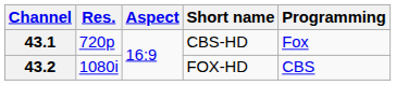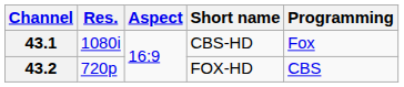 <table class="wikitable">
 <tr>
 <th scope = "col"><a href='#'>Channel</a></th>
 <th scope = "col"><a href='#'>Res.</a></th>
 <th scope = "col"><a href='#'>Aspect</a></th>
 <th scope = "col">Short name</th>
 <th scope = "col">Programming</th>
 </tr>
 <tr>
 <th scope = "row">43.1</th>
-<td><a href='#'>720p</a></td>
+<td><a href='#'>1080i</a></td>
 <td rowspan="2"><a href='#'>16:9</a></td>
 <td>CBS-HD</td>
 <td><a href='#'>Fox</a></td>
 </tr>
 <tr>
 <th scope = "row">43.2</th>
-<td><a href='#'>1080i</a></td>
+<td><a href='#'>720p</a></td>
 <td>FOX-HD</td>
 <td><a href='#'>CBS</a></td>
 </tr>
 </table>
